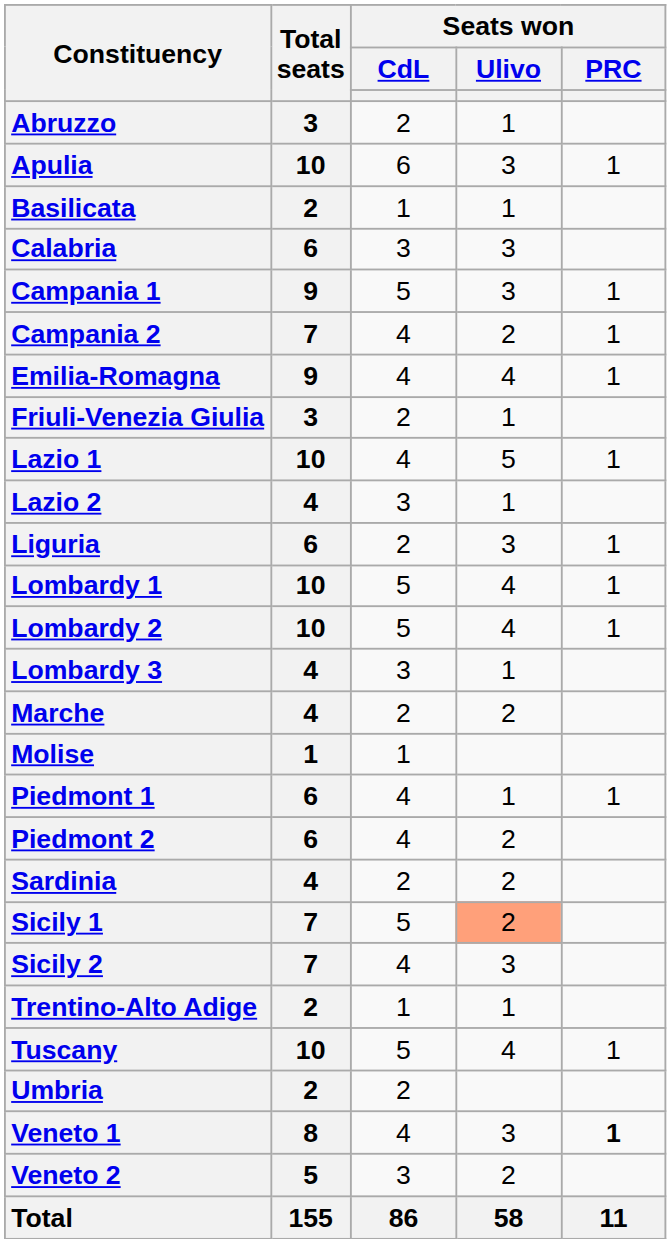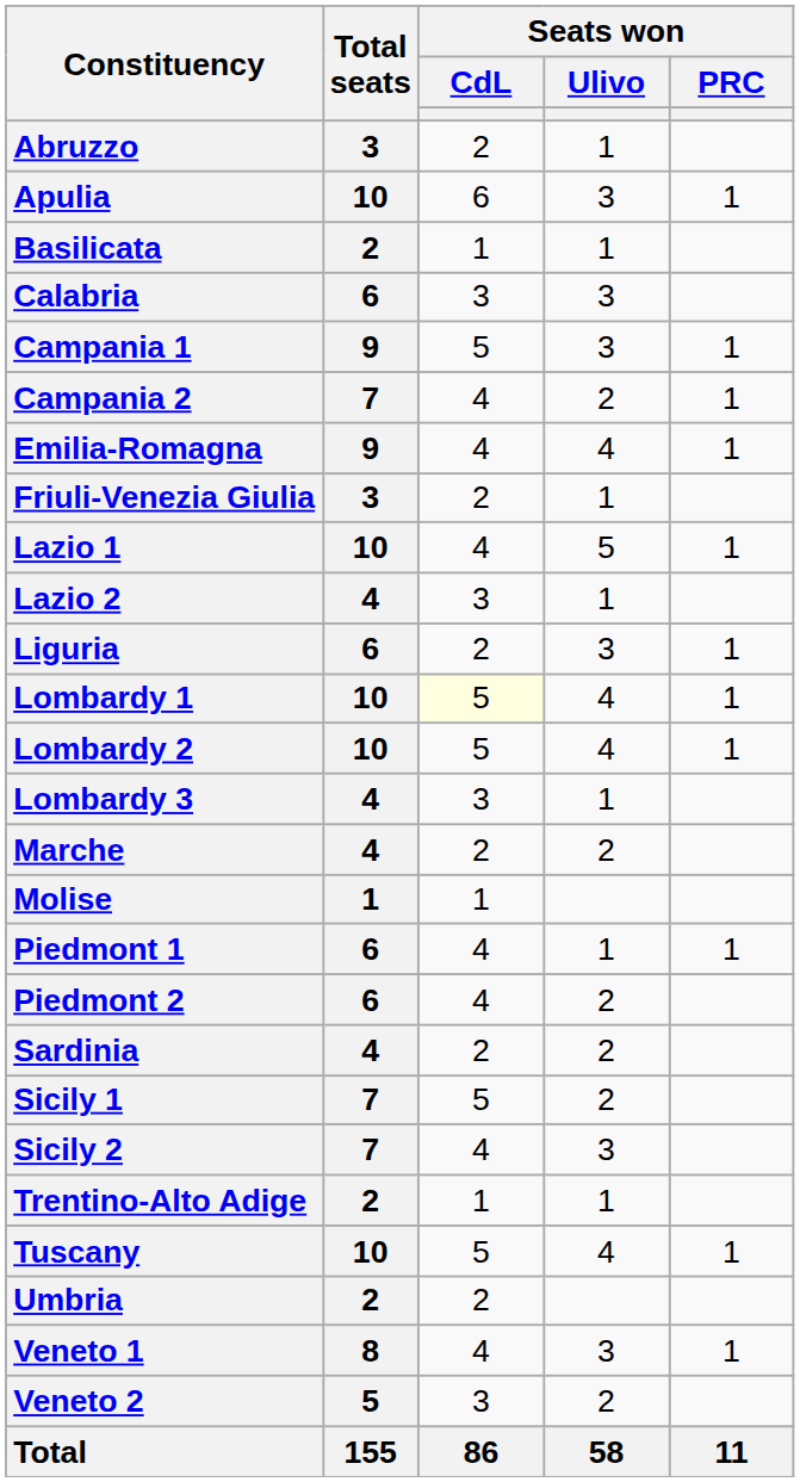 <table class="wikitable" style="text-align:center; font-size: 0.9em">
 <tr>
 <th rowspan="3">Constituency</th>
 <th rowspan="3">Total<br>seats</th>
 <th colspan="3">Seats won</th>
 </tr>
 <tr>
 <th class="unsortable" style="width:50px;"><a href='#'>CdL</a></th>
 <th class="unsortable" style="width:50px;"><a href='#'>Ulivo</a></th>
 <th class="unsortable" style="width:50px;"><a href='#'>PRC</a></th>
 </tr>
 <tr>
 <th style="color:inherit;background:"></th>
 <th style="color:inherit;background:"></th>
 <th style="color:inherit;background:"></th>
 </tr>
 <tr>
 <th style="text-align: left;"><a href='#'>Abruzzo</a></th>
 <th>3</th>
 <td>2</td>
 <td>1</td>
 <td></td>
 </tr>
 <tr>
 <th style="text-align: left;"><a href='#'>Apulia</a></th>
 <th>10</th>
 <td>6</td>
 <td>3</td>
 <td>1</td>
 </tr>
 <tr>
 <th style="text-align: left;"><a href='#'>Basilicata</a></th>
 <th>2</th>
 <td>1</td>
 <td>1</td>
 <td></td>
 </tr>
 <tr>
 <th style="text-align: left;"><a href='#'>Calabria</a></th>
 <th>6</th>
 <td>3</td>
 <td>3</td>
 <td></td>
 </tr>
 <tr>
 <th style="text-align: left;"><a href='#'>Campania 1</a></th>
 <th>9</th>
 <td>5</td>
 <td>3</td>
 <td>1</td>
 </tr>
 <tr>
 <th style="text-align: left;"><a href='#'>Campania 2</a></th>
 <th>7</th>
 <td>4</td>
 <td>2</td>
 <td>1</td>
 </tr>
 <tr>
 <th style="text-align: left;"><a href='#'>Emilia-Romagna</a></th>
 <th>9</th>
 <td>4</td>
 <td>4</td>
 <td>1</td>
 </tr>
 <tr>
 <th style="text-align: left;"><a href='#'>Friuli-Venezia Giulia</a></th>
 <th>3</th>
 <td>2</td>
 <td>1</td>
 <td></td>
 </tr>
 <tr>
 <th style="text-align: left;"><a href='#'>Lazio 1</a></th>
 <th>10</th>
 <td>4</td>
 <td>5</td>
 <td>1</td>
 </tr>
 <tr>
 <th style="text-align: left;"><a href='#'>Lazio 2</a></th>
 <th>4</th>
 <td>3</td>
 <td>1</td>
 <td></td>
 </tr>
 <tr>
 <th style="text-align: left;"><a href='#'>Liguria</a></th>
 <th>6</th>
 <td>2</td>
 <td>3</td>
 <td>1</td>
 </tr>
 <tr>
 <th style="text-align: left;"><a href='#'>Lombardy 1</a></th>
 <th>10</th>
-<td>5</td>
+<td style="background: lightyellow;">5</td>
 <td>4</td>
 <td>1</td>
 </tr>
 <tr>
 <th style="text-align: left;"><a href='#'>Lombardy 2</a></th>
 <th>10</th>
 <td>5</td>
 <td>4</td>
 <td>1</td>
 </tr>
 <tr>
 <th style="text-align: left;"><a href='#'>Lombardy 3</a></th>
 <th>4</th>
 <td>3</td>
 <td>1</td>
 <td></td>
 </tr>
 <tr>
 <th style="text-align: left;"><a href='#'>Marche</a></th>
 <th>4</th>
 <td>2</td>
 <td>2</td>
 <td></td>
 </tr>
 <tr>
 <th style="text-align: left;"><a href='#'>Molise</a></th>
 <th>1</th>
 <td>1</td>
 <td></td>
 <td></td>
 </tr>
 <tr>
 <th style="text-align: left;"><a href='#'>Piedmont 1</a></th>
 <th>6</th>
 <td>4</td>
 <td>1</td>
 <td>1</td>
 </tr>
 <tr>
 <th style="text-align: left;"><a href='#'>Piedmont 2</a></th>
 <th>6</th>
 <td>4</td>
 <td>2</td>
 <td></td>
 </tr>
 <tr>
 <th style="text-align: left;"><a href='#'>Sardinia</a></th>
 <th>4</th>
 <td>2</td>
 <td>2</td>
 <td></td>
 </tr>
 <tr>
 <th style="text-align: left;"><a href='#'>Sicily 1</a></th>
 <th>7</th>
 <td>5</td>
-<td style="background: lightsalmon;">2</td>
+<td>2</td>
 <td></td>
 </tr>
 <tr>
 <th style="text-align: left;"><a href='#'>Sicily 2</a></th>
 <th>7</th>
 <td>4</td>
 <td>3</td>
 <td></td>
 </tr>
 <tr>
 <th style="text-align: left;"><a href='#'>Trentino-Alto Adige</a></th>
 <th>2</th>
 <td>1</td>
 <td>1</td>
 <td></td>
 </tr>
 <tr>
 <th style="text-align: left;"><a href='#'>Tuscany</a></th>
 <th>10</th>
 <td>5</td>
 <td>4</td>
 <td>1</td>
 </tr>
 <tr>
 <th style="text-align: left;"><a href='#'>Umbria</a></th>
 <th>2</th>
 <td>2</td>
 <td></td>
 <td></td>
 </tr>
 <tr>
 <th style="text-align: left;"><a href='#'>Veneto 1</a></th>
 <th>8</th>
 <td>4</td>
 <td>3</td>
-<td><strong>1</strong></td>
+<td>1</td>
 </tr>
 <tr>
 <th style="text-align: left;"><a href='#'>Veneto 2</a></th>
 <th>5</th>
 <td>3</td>
 <td>2</td>
 <td></td>
 </tr>
 <tr>
 <th style="text-align: left;">Total</th>
 <th>155</th>
 <th>86</th>
 <th>58</th>
 <th>11</th>
 </tr>
 </table>
